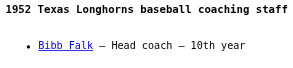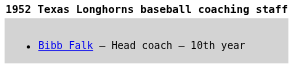 <table class="toccolours">
 <tr>
 <th colspan=9>1952 Texas Longhorns baseball coaching staff</th>
 </tr>
 <tr>
-<td style="text-align: left; font-size: 95%;" valign="top"><br><ul><li><a href='#'>Bibb Falk</a> – Head coach – 10th year</li></ul></td>
+<td style="background: lightgrey; text-align: left; font-size: 95%;" valign="top"><br><ul><li><a href='#'>Bibb Falk</a> – Head coach – 10th year</li></ul></td>
 </tr>
 </table>
